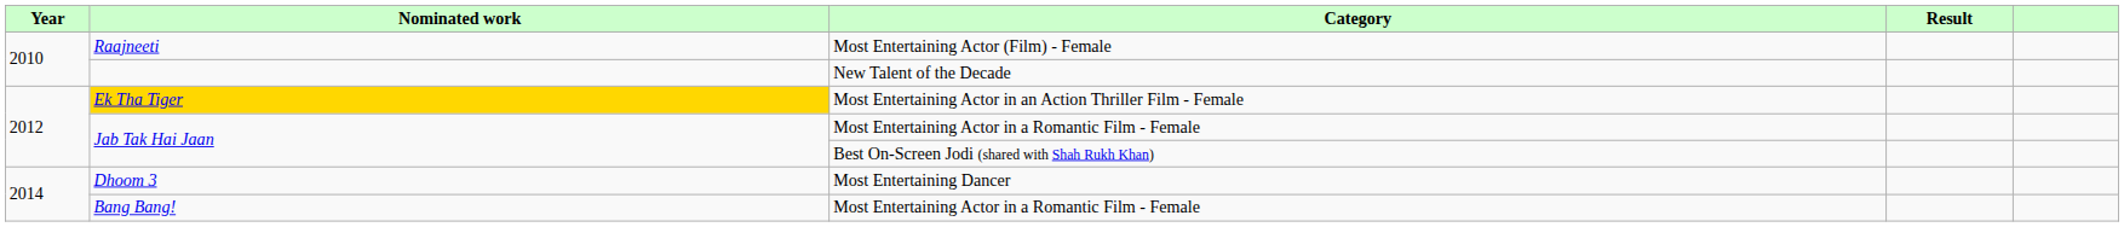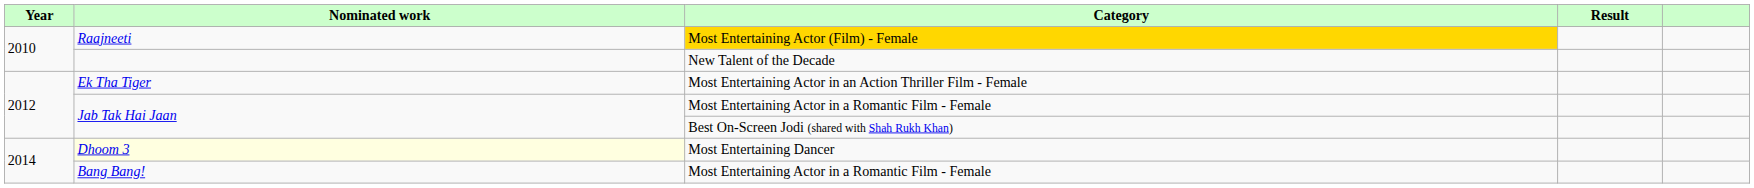 <table class="wikitable" style="width:100%;">
 <tr style="background:#cfc; text-align:center;">
 <td scope="col" style="width:4%;"><strong>Year</strong></td>
 <td scope="col" style="width:35%;"><strong>Nominated work</strong></td>
 <td scope="col" style="width:50%;"><strong>Category</strong></td>
 <td scope="col" style="width:6%;"><strong>Result</strong></td>
 <td scope="col" style="width:5%;"><strong></strong></td>
 </tr>
 <tr>
 <td rowspan="2">2010</td>
 <td><em><a href='#'>Raajneeti</a></em></td>
-<td>Most Entertaining Actor (Film) - Female</td>
+<td style="background: gold;">Most Entertaining Actor (Film) - Female</td>
 <td></td>
 <td style="text-align:center;"></td>
 </tr>
 <tr>
 <td></td>
 <td>New Talent of the Decade</td>
 <td></td>
 <td style="text-align:center;"></td>
 </tr>
 <tr>
 <td rowspan="3">2012</td>
-<td style="background: gold;"><em><a href='#'>Ek Tha Tiger</a></em></td>
+<td><em><a href='#'>Ek Tha Tiger</a></em></td>
 <td>Most Entertaining Actor in an Action Thriller Film - Female</td>
 <td></td>
 <td style="text-align:center;"></td>
 </tr>
 <tr>
 <td rowspan="2"><em><a href='#'>Jab Tak Hai Jaan</a></em></td>
 <td>Most Entertaining Actor in a Romantic Film - Female</td>
 <td></td>
 <td style="text-align:center;"></td>
 </tr>
 <tr>
 <td>Best On-Screen Jodi <small>(shared with <a href='#'>Shah Rukh Khan</a>)</small></td>
 <td></td>
 <td style="text-align:center;"></td>
 </tr>
 <tr>
 <td rowspan="2">2014</td>
-<td><em><a href='#'>Dhoom 3</a></em></td>
+<td style="background: lightyellow;"><em><a href='#'>Dhoom 3</a></em></td>
 <td>Most Entertaining Dancer</td>
 <td></td>
 <td style="text-align:center;"></td>
 </tr>
 <tr>
 <td><em><a href='#'>Bang Bang!</a></em></td>
 <td>Most Entertaining Actor in a Romantic Film - Female</td>
 <td></td>
 <td style="text-align:center;"></td>
 </tr>
 </table>
